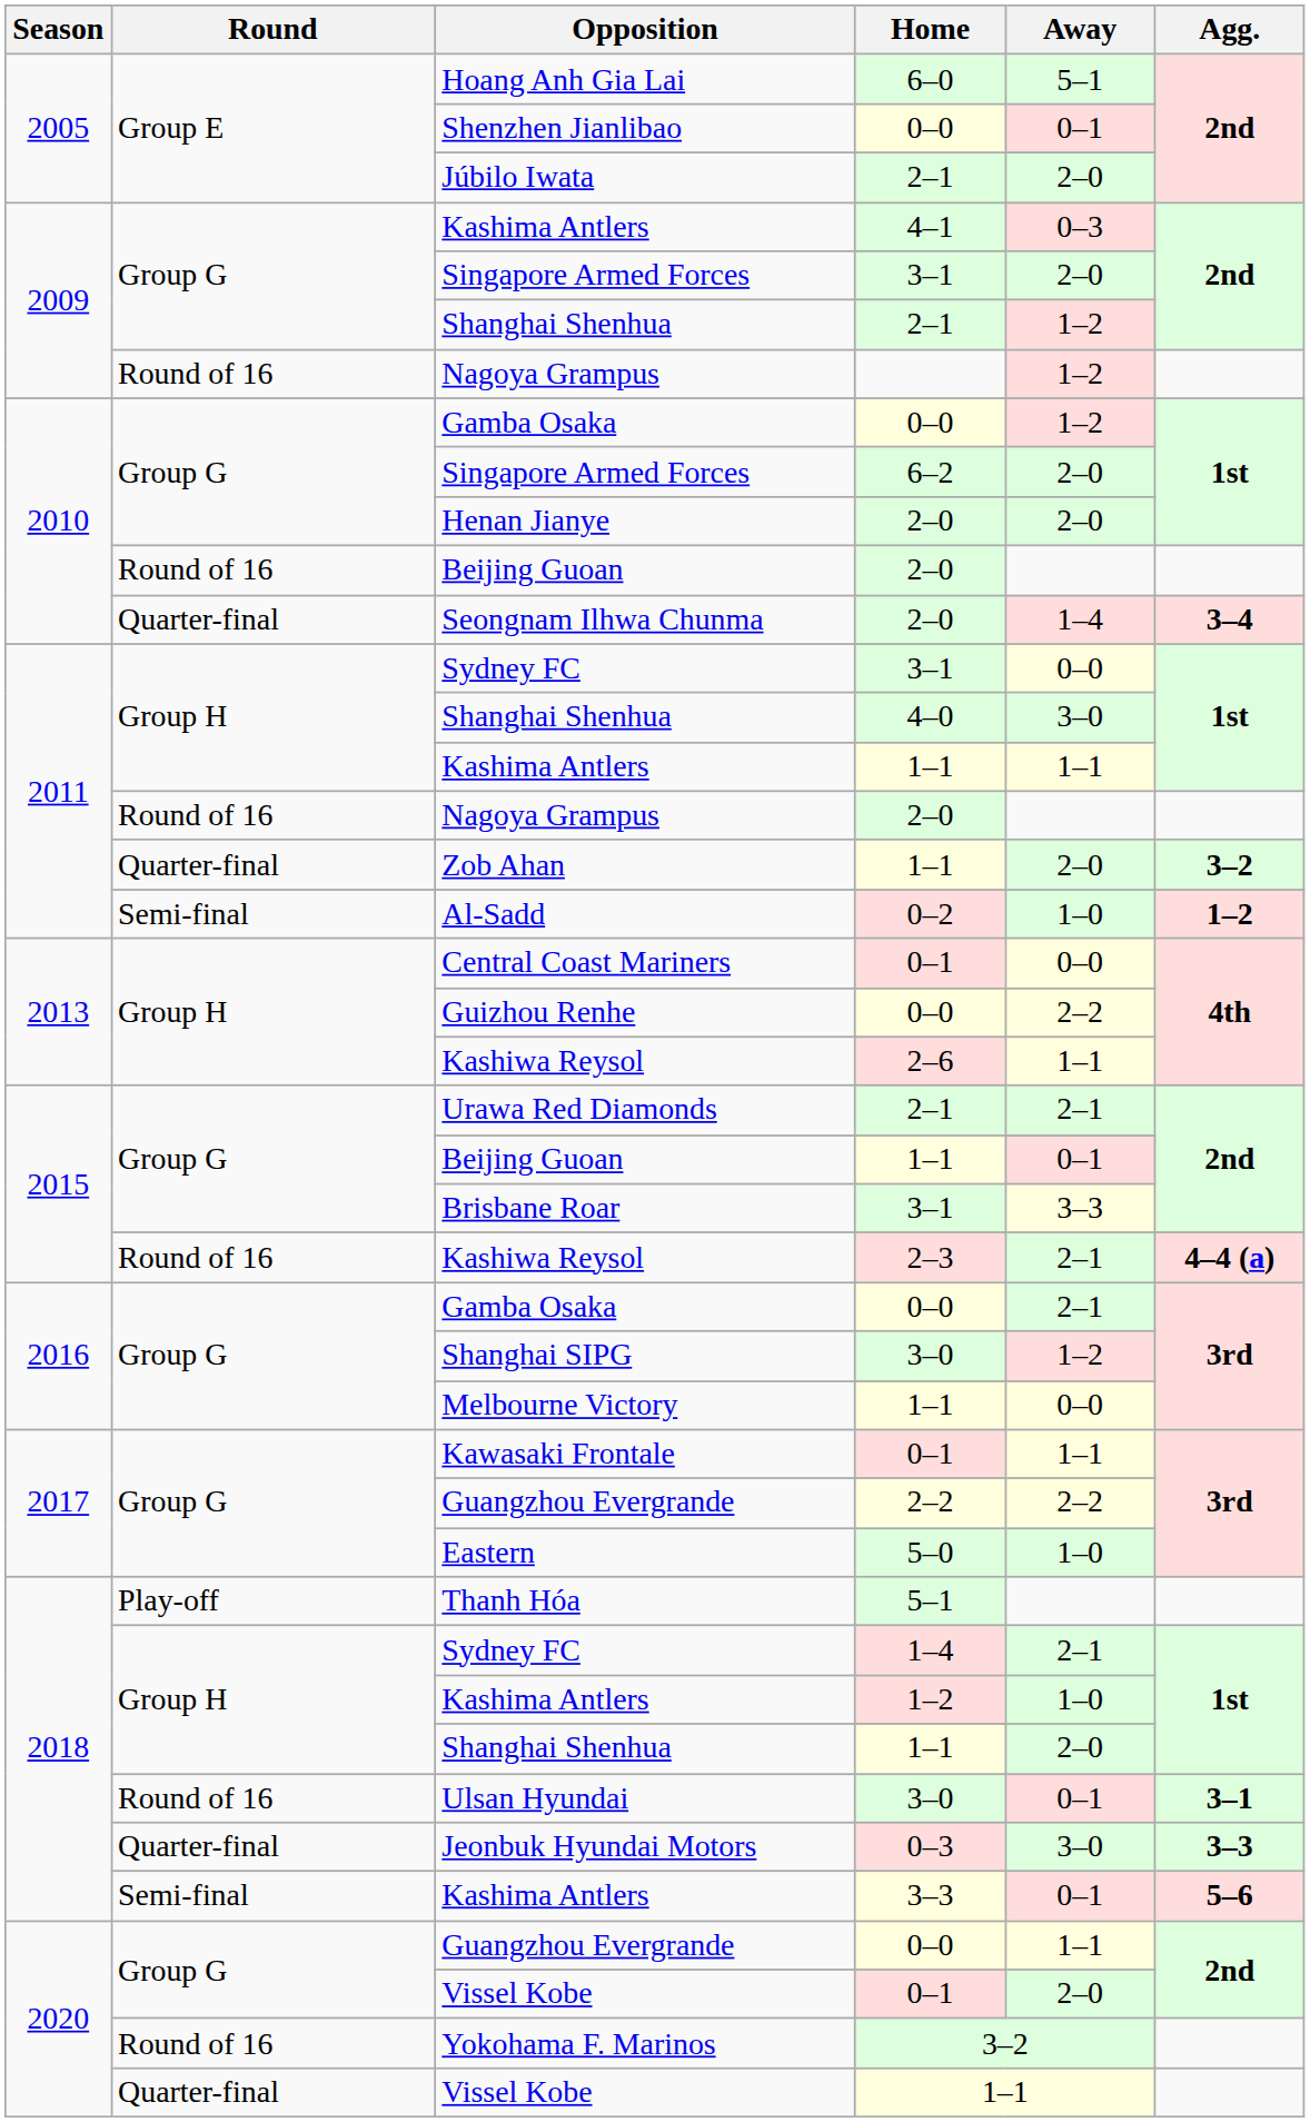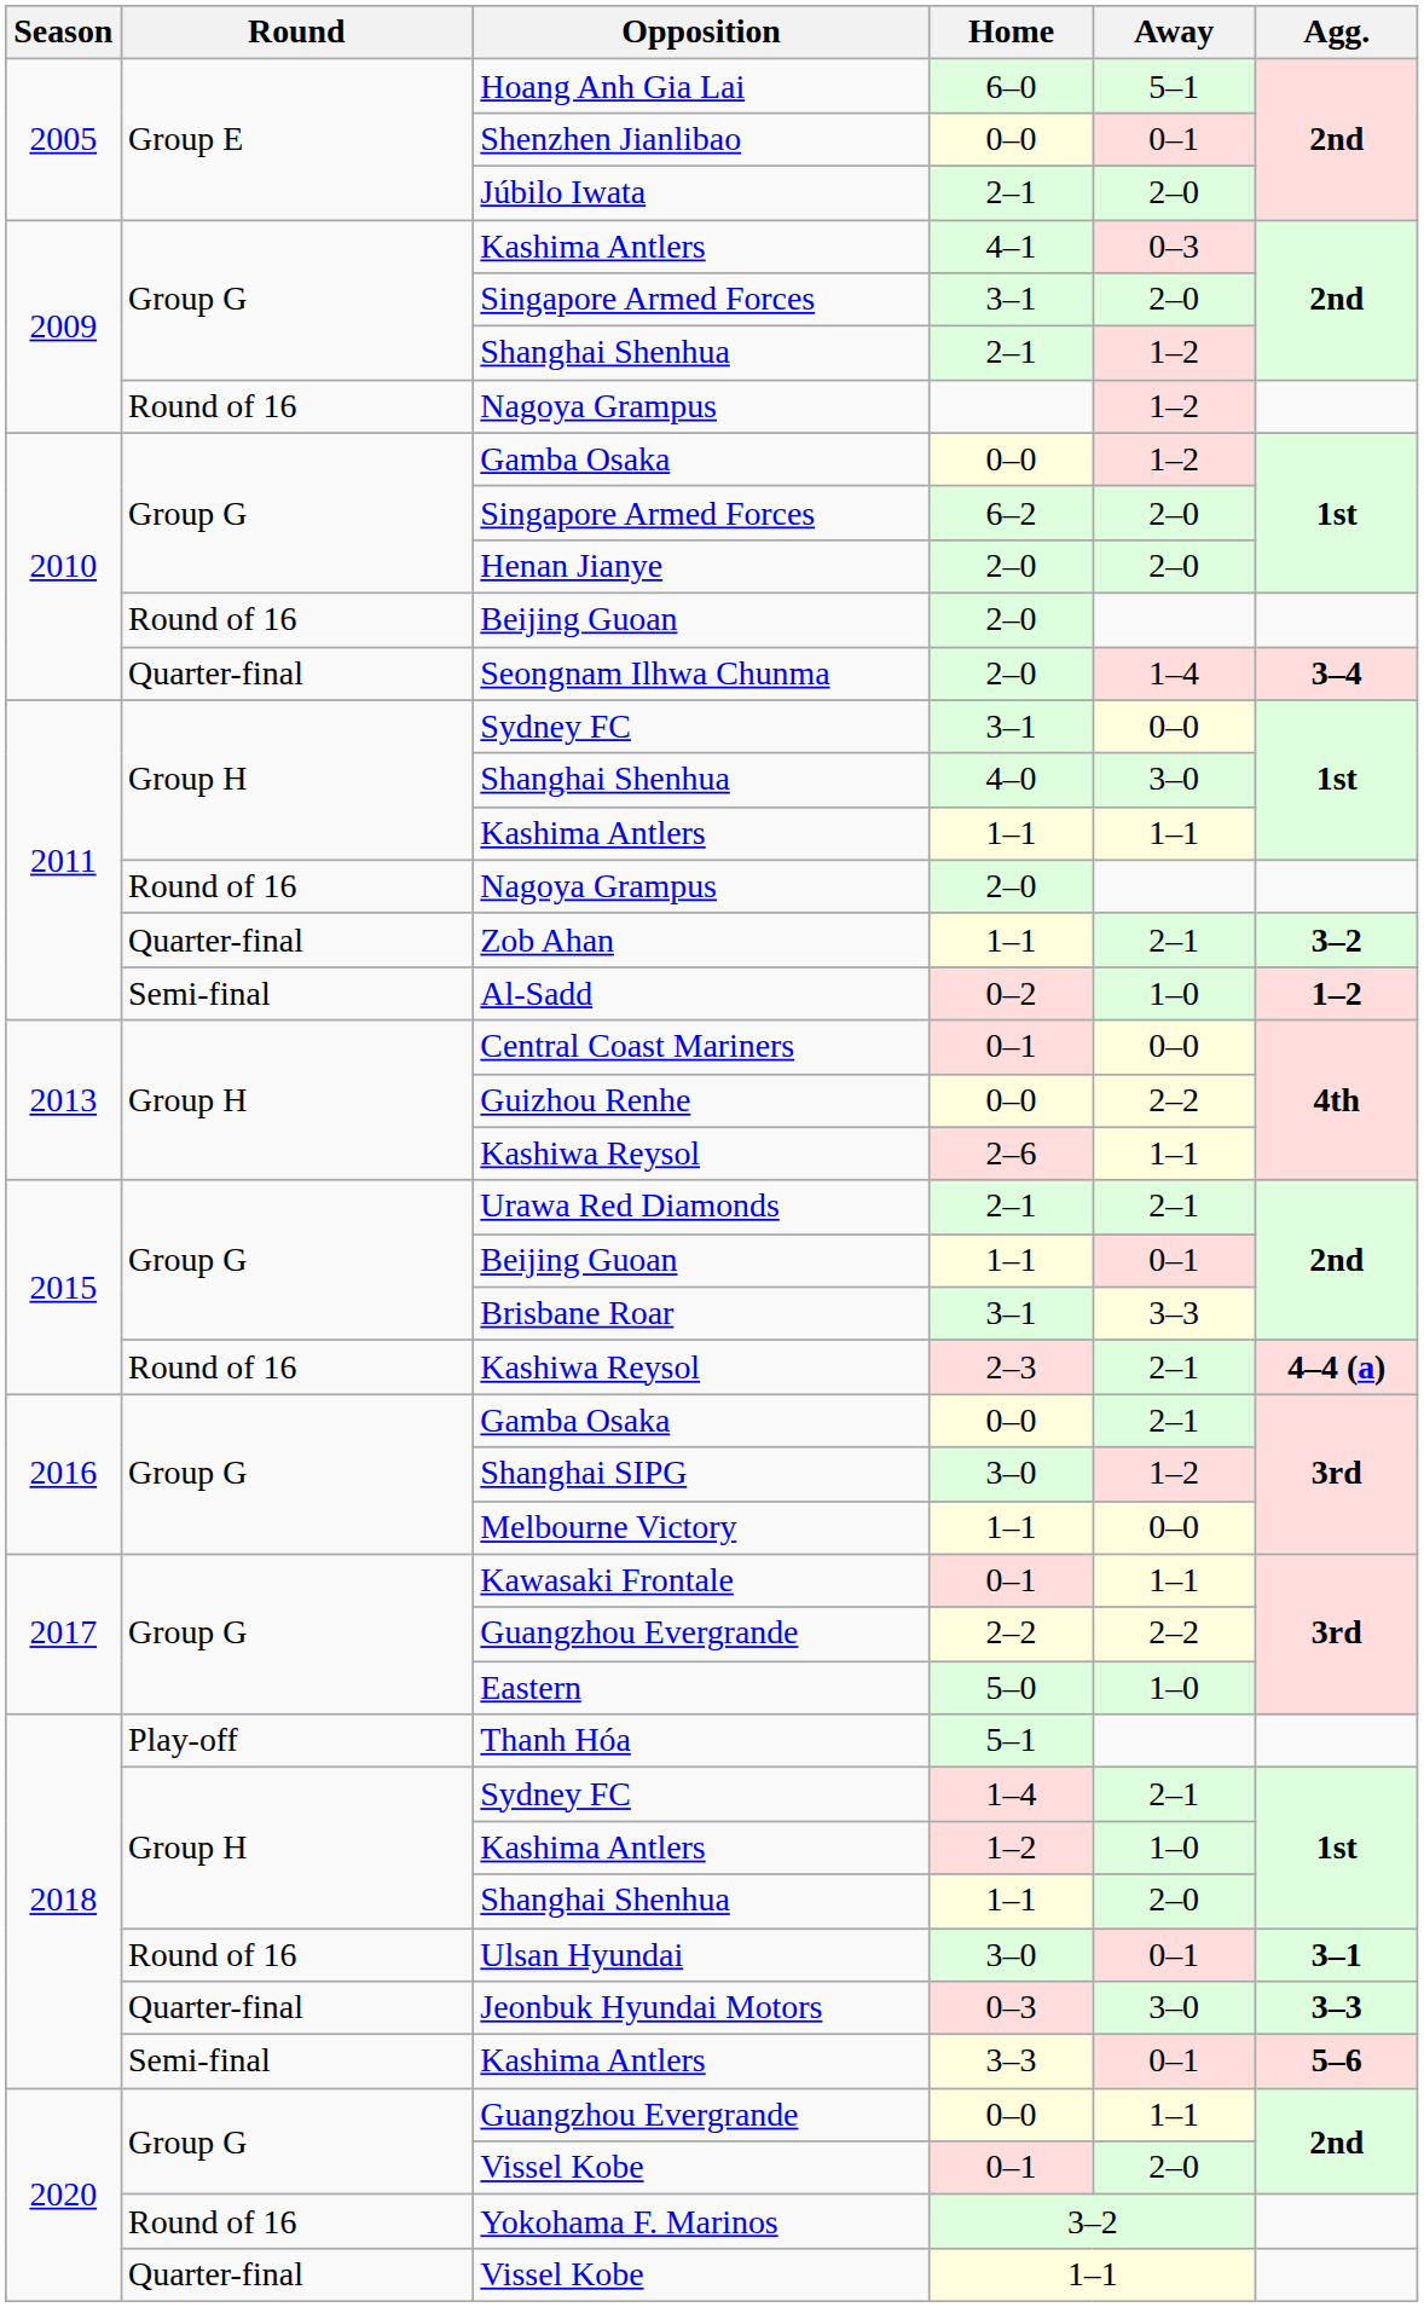 <table class="wikitable" style="text-align:left">
 <tr>
 <th>Season</th>
 <th width="160">Round</th>
 <th width="210">Opposition</th>
 <th width="70">Home</th>
 <th width="70">Away</th>
 <th width="70">Agg.</th>
 </tr>
 <tr>
 <td rowspan="3" style="text-align:center;"><a href='#'>2005</a></td>
 <td rowspan="3">Group E</td>
 <td> <a href='#'>Hoang Anh Gia Lai</a></td>
 <td style="text-align:center; background:#DDFFDD;">6–0</td>
 <td style="text-align:center; background:#DDFFDD;">5–1</td>
 <td rowspan="3" style="text-align:center; background:#FFDDDD;"><strong>2nd</strong></td>
 </tr>
 <tr>
 <td> <a href='#'>Shenzhen Jianlibao</a></td>
 <td style="text-align:center; background:#FFFFDD;">0–0</td>
 <td style="text-align:center; background:#FFDDDD;">0–1</td>
 </tr>
 <tr>
 <td> <a href='#'>Júbilo Iwata</a></td>
 <td style="text-align:center; background:#DDFFDD;">2–1</td>
 <td style="text-align:center; background:#DDFFDD;">2–0</td>
 </tr>
 <tr>
 <td rowspan="4" style="text-align:center;"><a href='#'>2009</a></td>
 <td rowspan="3">Group G</td>
 <td> <a href='#'>Kashima Antlers</a></td>
 <td style="text-align:center; background:#DDFFDD;">4–1</td>
 <td style="text-align:center; background:#FFDDDD;">0–3</td>
 <td rowspan="3" style="text-align:center; background:#DDFFDD;"><strong>2nd</strong></td>
 </tr>
 <tr>
 <td> <a href='#'>Singapore Armed Forces</a></td>
 <td style="text-align:center; background:#DDFFDD;">3–1</td>
 <td style="text-align:center; background:#DDFFDD;">2–0</td>
 </tr>
 <tr>
 <td> <a href='#'>Shanghai Shenhua</a></td>
 <td style="text-align:center; background:#DDFFDD;">2–1</td>
 <td style="text-align:center; background:#FFDDDD;">1–2</td>
 </tr>
 <tr>
 <td>Round of 16</td>
 <td> <a href='#'>Nagoya Grampus</a></td>
 <td></td>
 <td style="text-align:center; background:#FFDDDD;">1–2</td>
 <td></td>
 </tr>
 <tr>
 <td rowspan="5" style="text-align:center;"><a href='#'>2010</a></td>
 <td rowspan="3">Group G</td>
 <td> <a href='#'>Gamba Osaka</a></td>
 <td style="text-align:center; background:#FFFFDD;">0–0</td>
 <td style="text-align:center; background:#FFDDDD;">1–2</td>
 <td rowspan="3" style="text-align:center; background:#DDFFDD;"><strong>1st</strong></td>
 </tr>
 <tr>
 <td> <a href='#'>Singapore Armed Forces</a></td>
 <td style="text-align:center; background:#DDFFDD;">6–2</td>
 <td style="text-align:center; background:#DDFFDD;">2–0</td>
 </tr>
 <tr>
 <td> <a href='#'>Henan Jianye</a></td>
 <td style="text-align:center; background:#DDFFDD;">2–0</td>
 <td style="text-align:center; background:#DDFFDD;">2–0</td>
 </tr>
 <tr>
 <td>Round of 16</td>
 <td> <a href='#'>Beijing Guoan</a></td>
 <td style="text-align:center; background:#DDFFDD;">2–0</td>
 <td></td>
 <td></td>
 </tr>
 <tr>
 <td>Quarter-final</td>
 <td> <a href='#'>Seongnam Ilhwa Chunma</a></td>
 <td style="text-align:center; background:#DDFFDD;">2–0</td>
 <td style="text-align:center; background:#FFDDDD;">1–4</td>
 <td style="text-align:center; background:#FFDDDD;"><strong>3–4</strong></td>
 </tr>
 <tr>
 <td rowspan="6" style="text-align:center;"><a href='#'>2011</a></td>
 <td rowspan="3">Group H</td>
 <td> <a href='#'>Sydney FC</a></td>
 <td style="text-align:center; background:#DDFFDD;">3–1</td>
 <td style="text-align:center; background:#FFFFDD;">0–0</td>
 <td rowspan="3" style="text-align:center; background:#DDFFDD;"><strong>1st</strong></td>
 </tr>
 <tr>
 <td> <a href='#'>Shanghai Shenhua</a></td>
 <td style="text-align:center; background:#DDFFDD;">4–0</td>
 <td style="text-align:center; background:#DDFFDD;">3–0</td>
 </tr>
 <tr>
 <td> <a href='#'>Kashima Antlers</a></td>
 <td style="text-align:center; background:#FFFFDD;">1–1</td>
 <td style="text-align:center; background:#FFFFDD;">1–1</td>
 </tr>
 <tr>
 <td>Round of 16</td>
 <td> <a href='#'>Nagoya Grampus</a></td>
 <td style="text-align:center; background:#DDFFDD;">2–0</td>
 <td></td>
 <td></td>
 </tr>
 <tr>
 <td>Quarter-final</td>
 <td> <a href='#'>Zob Ahan</a></td>
 <td style="text-align:center; background:#FFFFDD;">1–1</td>
-<td style="text-align:center; background:#DDFFDD;">2–0</td>
+<td style="text-align:center; background:#DDFFDD;">2–1 </td>
 <td style="text-align:center; background:#DDFFDD;"><strong>3–2</strong></td>
 </tr>
 <tr>
 <td>Semi-final</td>
 <td> <a href='#'>Al-Sadd</a></td>
 <td style="text-align:center; background:#FFDDDD;">0–2</td>
 <td style="text-align:center; background:#DDFFDD;">1–0</td>
 <td style="text-align:center; background:#FFDDDD;"><strong>1–2</strong></td>
 </tr>
 <tr>
 <td rowspan="3" style="text-align:center;"><a href='#'>2013</a></td>
 <td rowspan="3">Group H</td>
 <td> <a href='#'>Central Coast Mariners</a></td>
 <td style="text-align:center; background:#FFDDDD;">0–1</td>
 <td style="text-align:center; background:#FFFFDD;">0–0</td>
 <td rowspan="3" style="text-align:center; background:#FFDDDD;"><strong>4th</strong></td>
 </tr>
 <tr>
 <td> <a href='#'>Guizhou Renhe</a></td>
 <td style="text-align:center; background:#FFFFDD;">0–0</td>
 <td style="text-align:center; background:#FFFFDD;">2–2</td>
 </tr>
 <tr>
 <td> <a href='#'>Kashiwa Reysol</a></td>
 <td style="text-align:center; background:#FFDDDD;">2–6</td>
 <td style="text-align:center; background:#FFFFDD;">1–1</td>
 </tr>
 <tr>
 <td rowspan="4" style="text-align:center;"><a href='#'>2015</a></td>
 <td rowspan="3">Group G</td>
 <td> <a href='#'>Urawa Red Diamonds</a></td>
 <td style="text-align:center; background:#DDFFDD;">2–1</td>
 <td style="text-align:center; background:#DDFFDD;">2–1</td>
 <td rowspan="3" style="text-align:center; background:#DDFFDD;"><strong>2nd</strong></td>
 </tr>
 <tr>
 <td> <a href='#'>Beijing Guoan</a></td>
 <td style="text-align:center; background:#FFFFDD;">1–1</td>
 <td style="text-align:center; background:#FFDDDD;">0–1</td>
 </tr>
 <tr>
 <td> <a href='#'>Brisbane Roar</a></td>
 <td style="text-align:center; background:#DDFFDD;">3–1</td>
 <td style="text-align:center; background:#FFFFDD;">3–3</td>
 </tr>
 <tr>
 <td>Round of 16</td>
 <td> <a href='#'>Kashiwa Reysol</a></td>
 <td style="text-align:center; background:#FFDDDD;">2–3</td>
 <td style="text-align:center; background:#DDFFDD;">2–1</td>
 <td style="text-align:center; background:#FFDDDD;"><strong>4–4 (<a href='#'>a</a>)</strong></td>
 </tr>
 <tr>
 <td rowspan="3" style="text-align:center;"><a href='#'>2016</a></td>
 <td rowspan="3">Group G</td>
 <td> <a href='#'>Gamba Osaka</a></td>
 <td style="text-align:center; background:#FFFFDD;">0–0</td>
 <td style="text-align:center; background:#DDFFDD;">2–1</td>
 <td rowspan="3" style="text-align:center; background:#FFDDDD;"><strong>3rd</strong></td>
 </tr>
 <tr>
 <td> <a href='#'>Shanghai SIPG</a></td>
 <td style="text-align:center; background:#DDFFDD;">3–0</td>
 <td style="text-align:center; background:#FFDDDD;">1–2</td>
 </tr>
 <tr>
 <td> <a href='#'>Melbourne Victory</a></td>
 <td style="text-align:center; background:#FFFFDD;">1–1</td>
 <td style="text-align:center; background:#FFFFDD;">0–0</td>
 </tr>
 <tr>
 <td rowspan="3" style="text-align:center;"><a href='#'>2017</a></td>
 <td rowspan="3">Group G</td>
 <td> <a href='#'>Kawasaki Frontale</a></td>
 <td style="text-align:center; background:#FFDDDD;">0–1</td>
 <td style="text-align:center; background:#FFFFDD;">1–1</td>
 <td rowspan="3" style="text-align:center; background:#FFDDDD;"><strong>3rd</strong></td>
 </tr>
 <tr>
 <td> <a href='#'>Guangzhou Evergrande</a></td>
 <td style="text-align:center; background:#FFFFDD;">2–2</td>
 <td style="text-align:center; background:#FFFFDD;">2–2</td>
 </tr>
 <tr>
 <td> <a href='#'>Eastern</a></td>
 <td style="text-align:center; background:#DDFFDD;">5–0</td>
 <td style="text-align:center; background:#DDFFDD;">1–0</td>
 </tr>
 <tr>
 <td rowspan="7" style="text-align:center;"><a href='#'>2018</a></td>
 <td>Play-off</td>
 <td> <a href='#'>Thanh Hóa</a></td>
 <td style="text-align:center; background:#DDFFDD;">5–1</td>
 <td></td>
 <td></td>
 </tr>
 <tr>
 <td rowspan="3">Group H</td>
 <td> <a href='#'>Sydney FC</a></td>
 <td style="text-align:center; background:#FFDDDD;">1–4</td>
 <td style="text-align:center; background:#DDFFDD;">2–1 </td>
 <td rowspan="3" style="text-align:center; background:#DDFFDD;"><strong>1st</strong></td>
 </tr>
 <tr>
 <td> <a href='#'>Kashima Antlers</a></td>
 <td style="text-align:center; background:#FFDDDD;">1–2</td>
 <td style="text-align:center; background:#DDFFDD;">1–0</td>
 </tr>
 <tr>
 <td> <a href='#'>Shanghai Shenhua</a></td>
 <td style="text-align:center; background:#FFFFDD;">1–1</td>
 <td style="text-align:center; background:#DDFFDD;">2–0</td>
 </tr>
 <tr>
 <td>Round of 16</td>
 <td> <a href='#'>Ulsan Hyundai</a></td>
 <td style="text-align:center; background:#DDFFDD;">3–0</td>
 <td style="text-align:center; background:#FFDDDD;">0–1</td>
 <td style="text-align:center; background:#DDFFDD;"><strong>3–1</strong></td>
 </tr>
 <tr>
 <td>Quarter-final</td>
 <td> <a href='#'>Jeonbuk Hyundai Motors</a></td>
 <td style="text-align:center; background:#FFDDDD;">0–3 </td>
 <td style="text-align:center; background:#DDFFDD;">3–0</td>
 <td style="text-align:center; background:#DDFFDD;"><strong>3–3<br></strong></td>
 </tr>
 <tr>
 <td>Semi-final</td>
 <td> <a href='#'>Kashima Antlers</a></td>
 <td style="text-align:center; background:#FFFFDD;">3–3</td>
 <td style="text-align:center; background:#FFDDDD;">0–1</td>
 <td style="text-align:center; background:#FFDDDD;"><strong>5–6</strong></td>
 </tr>
 <tr>
 <td rowspan="4" style="text-align:center;"><a href='#'>2020</a></td>
 <td rowspan="2">Group G</td>
 <td> <a href='#'>Guangzhou Evergrande</a></td>
 <td style="text-align:center; background:#FFFFDD;">0–0</td>
 <td style="text-align:center; background:#FFFFDD;">1–1</td>
 <td rowspan="2" style="text-align:center; background:#DDFFDD;"><strong>2nd</strong></td>
 </tr>
 <tr>
 <td> <a href='#'>Vissel Kobe</a></td>
 <td style="text-align:center; background:#FFDDDD;">0–1</td>
 <td style="text-align:center; background:#DDFFDD;">2–0</td>
 </tr>
 <tr>
 <td>Round of 16</td>
 <td> <a href='#'>Yokohama F. Marinos</a></td>
 <td colspan="2" style="text-align:center; background:#DDFFDD;">3–2</td>
 <td></td>
 </tr>
 <tr>
 <td>Quarter-final</td>
 <td> <a href='#'>Vissel Kobe</a></td>
 <td colspan="2" style="text-align:center; background:#FFFFDD;">1–1 <br></td>
 <td></td>
 </tr>
 </table>
